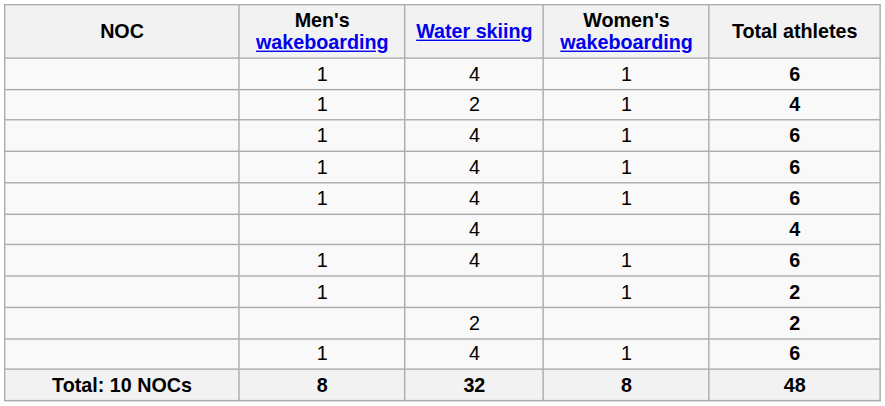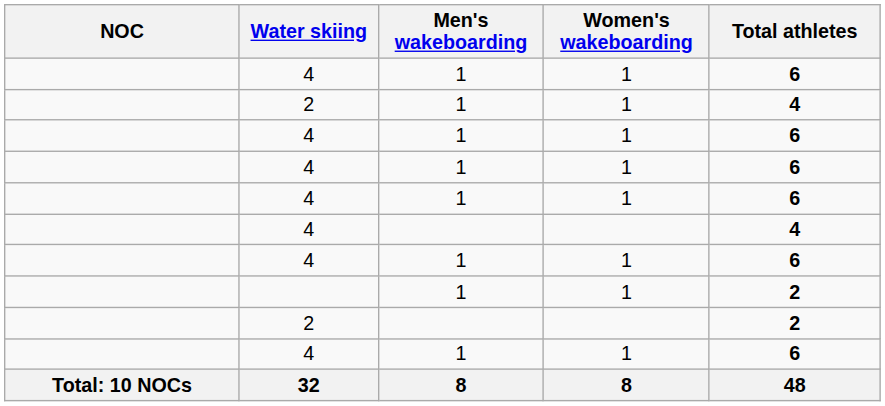 <table class="wikitable collapsible sortable"  style="width:640px; text-align:center; font-size:90%;">
 <tr>
 <th style="text-align:center; width:140px;"><strong>NOC</strong></th>
+<th width=80><strong><a href='#'>Water skiing</a></strong></th>
 <th width=80><strong>Men's <a href='#'>wakeboarding</a></strong></th>
-<th width=80><strong><a href='#'>Water skiing</a></strong></th>
 <th width=80><strong>Women's <a href='#'>wakeboarding</a></strong></th>
 <th width=100><strong>Total athletes</strong></th>
 </tr>
 <tr>
 <td align=left></td>
+<td>4</td>
 <td>1</td>
-<td>4</td>
 <td>1</td>
 <td><strong>6</strong></td>
 </tr>
 <tr>
 <td align=left></td>
+<td>2</td>
 <td>1</td>
-<td>2</td>
 <td>1</td>
 <td><strong>4</strong></td>
 </tr>
 <tr>
 <td align=left></td>
+<td>4</td>
 <td>1</td>
-<td>4</td>
 <td>1</td>
 <td><strong>6</strong></td>
 </tr>
 <tr>
 <td align=left></td>
+<td>4</td>
 <td>1</td>
-<td>4</td>
 <td>1</td>
 <td><strong>6</strong></td>
 </tr>
 <tr>
 <td align=left></td>
+<td>4</td>
 <td>1</td>
+<td>1</td>
+<td><strong>6</strong></td>
+</tr>
+<tr>
+<td align=left></td>
 <td>4</td>
+<td></td>
+<td></td>
+<td><strong>4</strong></td>
+</tr>
+<tr>
+<td align=left></td>
+<td>4</td>
+<td>1</td>
 <td>1</td>
 <td><strong>6</strong></td>
 </tr>
 <tr>
 <td align=left></td>
 <td></td>
-<td>4</td>
-<td></td>
-<td><strong>4</strong></td>
-</tr>
-<tr>
-<td align=left></td>
 <td>1</td>
-<td>4</td>
-<td>1</td>
-<td><strong>6</strong></td>
-</tr>
-<tr>
-<td align=left></td>
-<td>1</td>
-<td></td>
 <td>1</td>
 <td><strong>2</strong></td>
 </tr>
 <tr>
 <td align=left></td>
+<td>2</td>
 <td></td>
-<td>2</td>
 <td></td>
 <td><strong>2</strong></td>
 </tr>
 <tr>
 <td align=left></td>
+<td>4</td>
 <td>1</td>
-<td>4</td>
 <td>1</td>
 <td><strong>6</strong></td>
 </tr>
 <tr>
 <th>Total: 10 NOCs</th>
+<th>32</th>
 <th>8</th>
-<th>32</th>
 <th>8</th>
 <th>48</th>
 </tr>
 </table>
